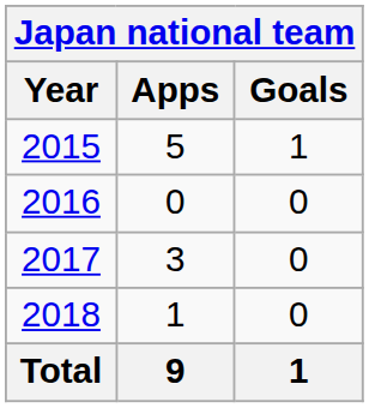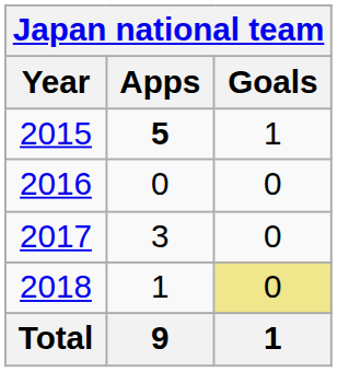 <table class="wikitable" style="text-align:center">
 <tr>
 <th colspan=3><a href='#'>Japan national team</a></th>
 </tr>
 <tr>
 <th>Year</th>
 <th>Apps</th>
 <th>Goals</th>
 </tr>
 <tr>
 <td><a href='#'>2015</a></td>
-<td>5</td>
+<td><strong>5</strong></td>
 <td>1</td>
 </tr>
 <tr>
 <td><a href='#'>2016</a></td>
 <td>0</td>
 <td>0</td>
 </tr>
 <tr>
 <td><a href='#'>2017</a></td>
 <td>3</td>
 <td>0</td>
 </tr>
 <tr>
 <td><a href='#'>2018</a></td>
 <td>1</td>
-<td>0</td>
+<td style="background: khaki;">0</td>
 </tr>
 <tr>
 <th>Total</th>
 <th>9</th>
 <th>1</th>
 </tr>
 </table>
